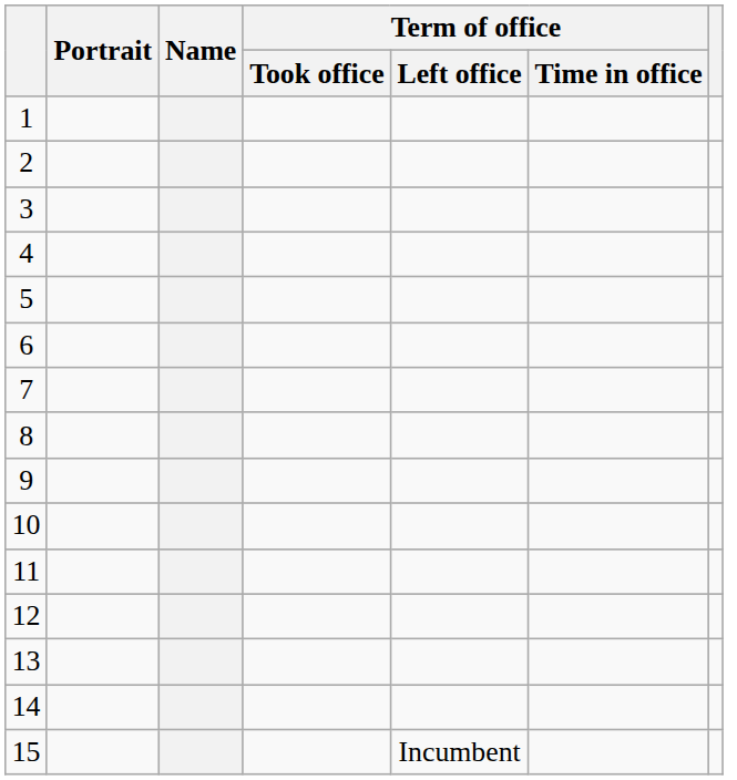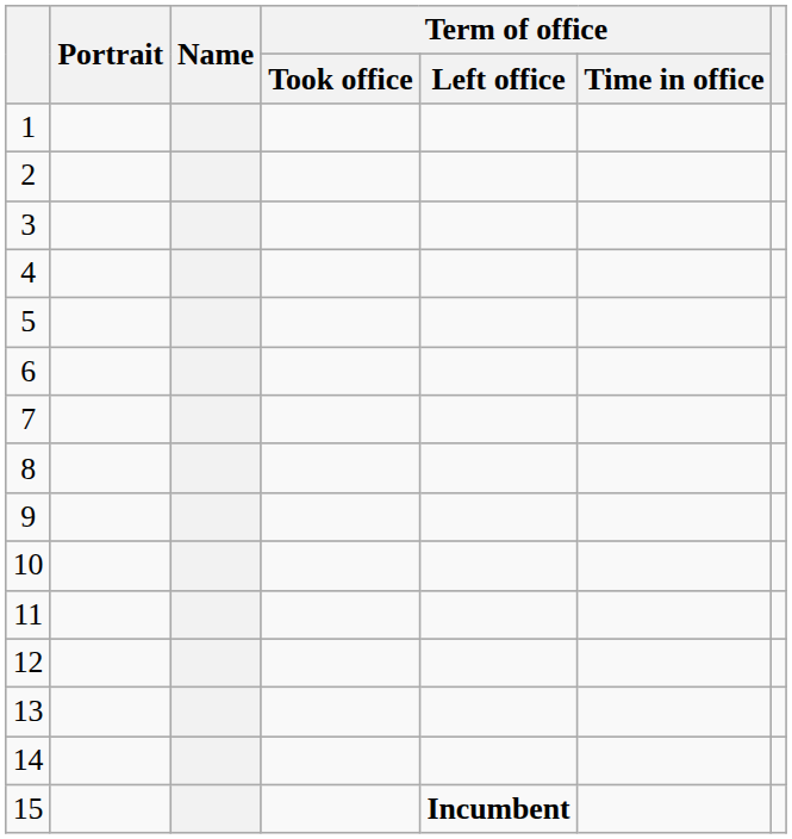 <table class="wikitable sortable" style="text-align:center">
 <tr>
 <th rowspan="2" scope="col"></th>
 <th rowspan="2" scope="col" class="unsortable">Portrait</th>
 <th rowspan="2" scope="col">Name</th>
 <th colspan="3" scope="col">Term of office</th>
 <th rowspan="2" scope="col" class="unsortable"></th>
 </tr>
 <tr>
 <th scope="col">Took office</th>
 <th scope="col">Left office</th>
 <th scope="col">Time in office</th>
 </tr>
 <tr>
 <td>1</td>
 <td></td>
 <th scope="row"></th>
 <td></td>
 <td></td>
 <td></td>
 <td></td>
 </tr>
 <tr>
 <td>2</td>
 <td></td>
 <th scope="row"></th>
 <td></td>
 <td><br></td>
 <td></td>
 <td></td>
 </tr>
 <tr>
 <td>3</td>
 <td></td>
 <th scope="row"></th>
 <td></td>
 <td></td>
 <td></td>
 <td></td>
 </tr>
 <tr>
 <td>4</td>
 <td></td>
 <th scope="row"></th>
 <td></td>
 <td><br></td>
 <td></td>
 <td></td>
 </tr>
 <tr>
 <td>5</td>
 <td></td>
 <th scope="row"></th>
 <td></td>
 <td></td>
 <td></td>
 <td></td>
 </tr>
 <tr>
 <td>6</td>
 <td></td>
 <th scope="row"></th>
 <td></td>
 <td></td>
 <td></td>
 <td></td>
 </tr>
 <tr>
 <td>7</td>
 <td></td>
 <th scope="row"></th>
 <td></td>
 <td></td>
 <td></td>
 <td></td>
 </tr>
 <tr>
 <td>8</td>
 <td></td>
 <th scope="row"></th>
 <td></td>
 <td></td>
 <td></td>
 <td></td>
 </tr>
 <tr>
 <td>9</td>
 <td></td>
 <th scope="row"></th>
 <td></td>
 <td></td>
 <td></td>
 <td></td>
 </tr>
 <tr>
 <td>10</td>
 <td></td>
 <th scope="row"></th>
 <td></td>
 <td></td>
 <td></td>
 <td></td>
 </tr>
 <tr>
 <td>11</td>
 <td></td>
 <th scope="row"></th>
 <td></td>
 <td></td>
 <td></td>
 <td></td>
 </tr>
 <tr>
 <td>12</td>
 <td></td>
 <th scope="row"></th>
 <td></td>
 <td></td>
 <td></td>
 <td></td>
 </tr>
 <tr>
 <td>13</td>
 <td></td>
 <th scope="row"></th>
 <td></td>
 <td></td>
 <td></td>
 <td></td>
 </tr>
 <tr>
 <td>14</td>
 <td></td>
 <th scope="row"></th>
 <td></td>
 <td></td>
 <td></td>
 <td></td>
 </tr>
 <tr>
 <td>15</td>
 <td></td>
 <th scope="row"></th>
 <td></td>
-<td>Incumbent</td>
+<td><strong>Incumbent</strong></td>
 <td></td>
 <td></td>
 </tr>
 </table>
